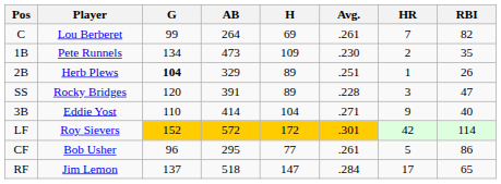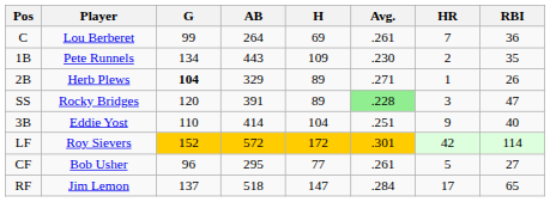 <table class="wikitable sortable">
 <tr>
 <th bgcolor="#DDDDFF" width="5%">Pos</th>
 <th bgcolor="#DDDDFF" width="16%">Player</th>
 <th bgcolor="#DDDDFF" width="9%">G</th>
 <th bgcolor="#DDDDFF" width="9%">AB</th>
 <th bgcolor="#DDDDFF" width="9%">H</th>
 <th bgcolor="#DDDDFF" width="9%">Avg.</th>
 <th bgcolor="#DDDDFF" width="9%">HR</th>
 <th bgcolor="#DDDDFF" width="9%">RBI</th>
 </tr>
 <tr align="center">
 <td>C</td>
 <td><a href='#'>Lou Berberet</a></td>
 <td>99</td>
 <td>264</td>
 <td>69</td>
 <td>.261</td>
 <td>7</td>
-<td>82</td>
+<td>36</td>
 </tr>
 <tr align="center">
 <td>1B</td>
 <td><a href='#'>Pete Runnels</a></td>
 <td>134</td>
-<td>473</td>
+<td>443</td>
 <td>109</td>
 <td>.230</td>
 <td>2</td>
 <td>35</td>
 </tr>
 <tr align="center">
 <td>2B</td>
 <td><a href='#'>Herb Plews</a></td>
 <td><strong>104</strong></td>
 <td>329</td>
 <td>89</td>
-<td>.251</td>
+<td>.271</td>
 <td>1</td>
 <td>26</td>
 </tr>
 <tr align="center">
 <td>SS</td>
 <td><a href='#'>Rocky Bridges</a></td>
 <td>120</td>
 <td>391</td>
 <td>89</td>
-<td>.228</td>
+<td style="background: lightgreen;">.228</td>
 <td>3</td>
 <td>47</td>
 </tr>
 <tr align="center">
 <td>3B</td>
 <td><a href='#'>Eddie Yost</a></td>
 <td>110</td>
 <td>414</td>
 <td>104</td>
-<td>.271</td>
+<td>.251</td>
 <td>9</td>
 <td>40</td>
 </tr>
 <tr align="center">
 <td>LF</td>
 <td><a href='#'>Roy Sievers</a></td>
 <td style="background:#fc0;">152</td>
 <td style="background:#fc0;">572</td>
 <td style="background:#fc0;">172</td>
 <td style="background:#fc0;">.301</td>
 <td style="background:#DDFFDD;">42</td>
 <td style="background:#DDFFDD;">114</td>
 </tr>
 <tr align="center">
 <td>CF</td>
 <td><a href='#'>Bob Usher</a></td>
 <td>96</td>
 <td>295</td>
 <td>77</td>
 <td>.261</td>
 <td>5</td>
-<td>86</td>
+<td>27</td>
 </tr>
 <tr align="center">
 <td>RF</td>
 <td><a href='#'>Jim Lemon</a></td>
 <td>137</td>
 <td>518</td>
 <td>147</td>
 <td>.284</td>
 <td>17</td>
 <td>65</td>
 </tr>
 </table>
